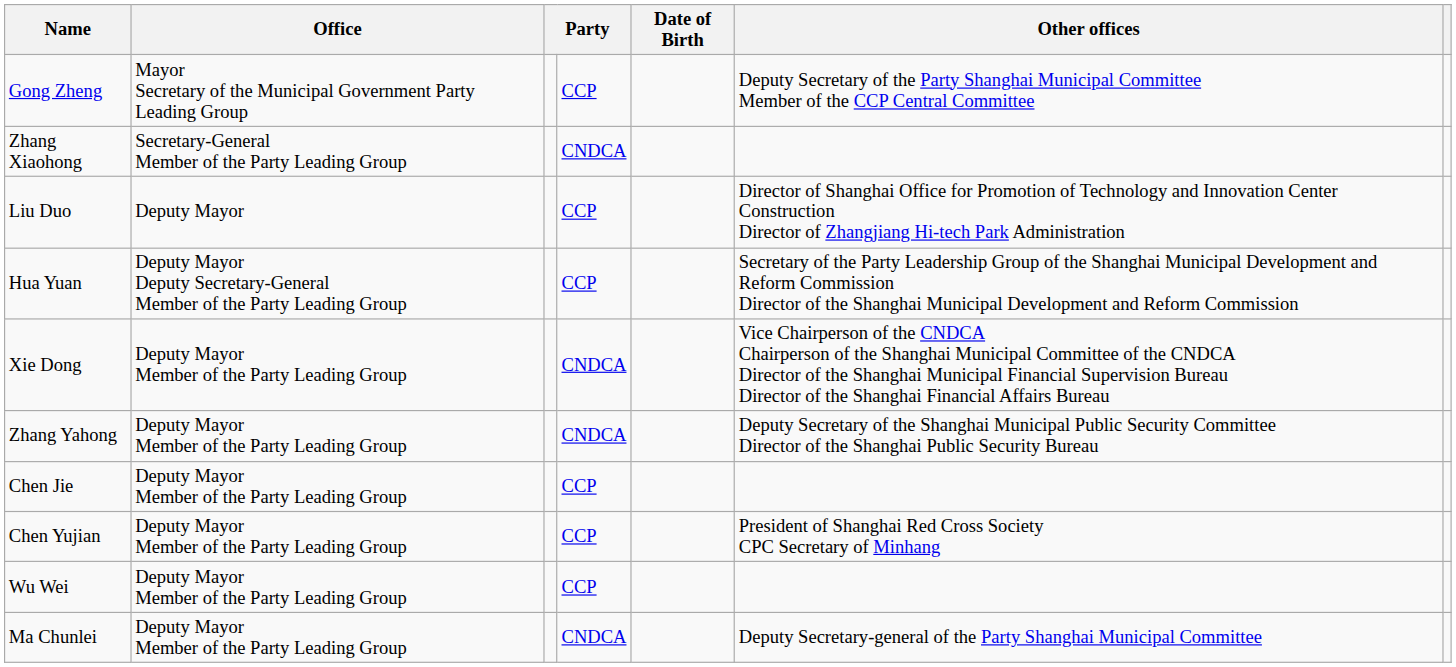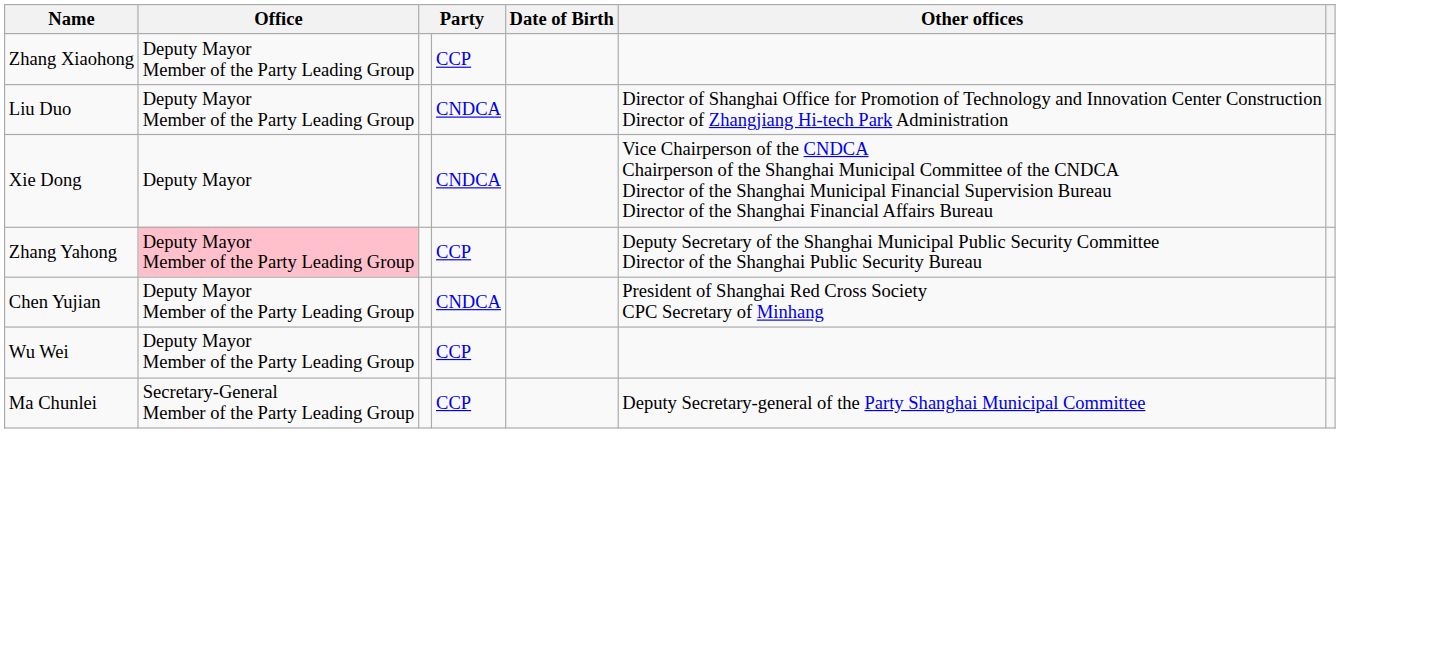 <table class="wikitable">
 <tr>
 <th>Name</th>
 <th>Office</th>
 <th colspan=2>Party</th>
 <th>Date of Birth</th>
 <th>Other offices</th>
 <th></th>
 </tr>
 <tr>
-<td><a href='#'>Gong Zheng</a></td>
-<td>Mayor<br>Secretary of the Municipal Government Party Leading Group</td>
+<td>Zhang Xiaohong</td>
+<td>Deputy Mayor<br>Member of the Party Leading Group</td>
 <td style="background:"> </td>
 <td><a href='#'>CCP</a></td>
-<td></td>
-<td>Deputy Secretary of the <a href='#'>Party Shanghai Municipal Committee</a><br>Member of the <a href='#'>CCP Central Committee</a></td>
-<td></td>
-</tr>
-<tr>
-<td>Zhang Xiaohong</td>
-<td>Secretary-General<br>Member of the Party Leading Group</td>
-<td style="background:"> </td>
-<td><a href='#'>CNDCA</a></td>
 <td></td>
 <td></td>
 <td></td>
 </tr>
 <tr>
 <td>Liu Duo</td>
-<td>Deputy Mayor</td>
+<td>Deputy Mayor<br>Member of the Party Leading Group</td>
 <td style="background:"> </td>
-<td><a href='#'>CCP</a></td>
+<td><a href='#'>CNDCA</a></td>
 <td></td>
 <td>Director of Shanghai Office for Promotion of Technology and Innovation Center Construction<br>Director of <a href='#'>Zhangjiang Hi-tech Park</a> Administration</td>
 <td></td>
 </tr>
 <tr>
-<td>Hua Yuan</td>
-<td>Deputy Mayor<br>Deputy Secretary-General<br>Member of the Party Leading Group</td>
-<td style="background:"> </td>
-<td><a href='#'>CCP</a></td>
-<td></td>
-<td>Secretary of the Party Leadership Group of the Shanghai Municipal Development and Reform Commission<br>Director of the Shanghai Municipal Development and Reform Commission</td>
-<td></td>
-</tr>
-<tr>
 <td>Xie Dong</td>
-<td>Deputy Mayor<br>Member of the Party Leading Group</td>
+<td>Deputy Mayor</td>
 <td style="background:"> </td>
 <td><a href='#'>CNDCA</a></td>
 <td></td>
 <td>Vice Chairperson of the <a href='#'>CNDCA</a><br>Chairperson of the Shanghai Municipal Committee of the CNDCA<br>Director of the Shanghai Municipal Financial Supervision Bureau<br>Director of the Shanghai Financial Affairs Bureau</td>
 <td></td>
 </tr>
 <tr>
 <td>Zhang Yahong</td>
-<td>Deputy Mayor<br>Member of the Party Leading Group</td>
-<td style="background:"> </td>
-<td><a href='#'>CNDCA</a></td>
-<td></td>
-<td>Deputy Secretary of the Shanghai Municipal Public Security Committee<br>Director of the Shanghai Public Security Bureau</td>
-<td></td>
-</tr>
-<tr>
-<td>Chen Jie</td>
-<td>Deputy Mayor<br>Member of the Party Leading Group</td>
+<td style="background: pink;">Deputy Mayor<br>Member of the Party Leading Group</td>
 <td style="background:"> </td>
 <td><a href='#'>CCP</a></td>
 <td></td>
-<td></td>
+<td>Deputy Secretary of the Shanghai Municipal Public Security Committee<br>Director of the Shanghai Public Security Bureau</td>
 <td></td>
 </tr>
 <tr>
 <td>Chen Yujian</td>
 <td>Deputy Mayor<br>Member of the Party Leading Group<br></td>
 <td style="background:"> </td>
-<td><a href='#'>CCP</a></td>
+<td><a href='#'>CNDCA</a></td>
 <td></td>
 <td>President of Shanghai Red Cross Society<br>CPC Secretary of <a href='#'>Minhang</a></td>
 <td></td>
 </tr>
 <tr>
 <td>Wu Wei</td>
 <td>Deputy Mayor<br>Member of the Party Leading Group<br></td>
 <td style="background:"> </td>
 <td><a href='#'>CCP</a></td>
 <td></td>
 <td></td>
 <td></td>
 </tr>
 <tr>
 <td>Ma Chunlei</td>
-<td>Deputy Mayor<br>Member of the Party Leading Group</td>
+<td>Secretary-General<br>Member of the Party Leading Group</td>
 <td style="background:"> </td>
-<td><a href='#'>CNDCA</a></td>
+<td><a href='#'>CCP</a></td>
 <td></td>
 <td>Deputy Secretary-general of the <a href='#'>Party Shanghai Municipal Committee</a></td>
 <td></td>
 </tr>
 </table>
